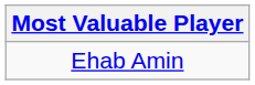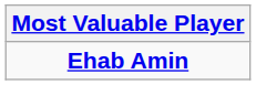 <table class=wikitable style="text-align:center; margin:auto">
 <tr>
 <th><a href='#'>Most Valuable Player</a></th>
 </tr>
 <tr>
-<td> <a href='#'>Ehab Amin</a></td>
+<td><strong> <a href='#'>Ehab Amin</a></strong></td>
 </tr>
 </table>
